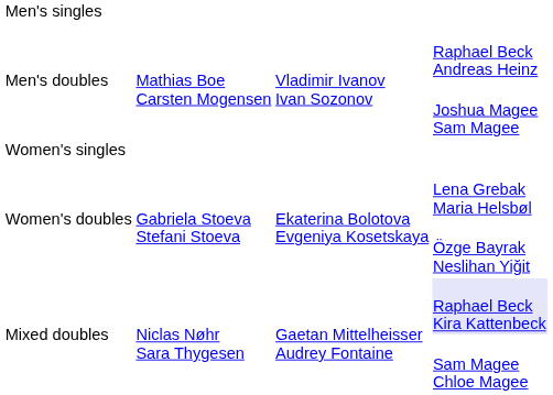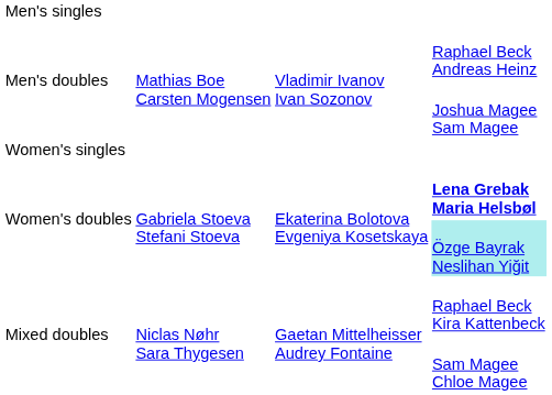 <table>
 <tr>
 <td rowspan=2>Men's singles <br></td>
 <td rowspan=2></td>
 <td rowspan=2></td>
 <td></td>
 </tr>
 <tr>
 <td></td>
 </tr>
 <tr>
 <td rowspan=2>Men's doubles <br></td>
 <td rowspan=2><br><a href='#'>Mathias Boe</a><br><a href='#'>Carsten Mogensen</a></td>
 <td rowspan=2><br><a href='#'>Vladimir Ivanov</a><br><a href='#'>Ivan Sozonov</a></td>
 <td><br><a href='#'>Raphael Beck</a><br><a href='#'>Andreas Heinz</a></td>
 </tr>
 <tr>
 <td><br><a href='#'>Joshua Magee</a><br><a href='#'>Sam Magee</a></td>
 </tr>
 <tr>
 <td rowspan=2>Women's singles <br></td>
 <td rowspan=2></td>
 <td rowspan=2></td>
 <td></td>
 </tr>
 <tr>
 <td></td>
 </tr>
 <tr>
 <td rowspan=2>Women's doubles <br></td>
 <td rowspan=2><br><a href='#'>Gabriela Stoeva</a><br><a href='#'>Stefani Stoeva</a></td>
 <td rowspan=2><br><a href='#'>Ekaterina Bolotova</a><br><a href='#'>Evgeniya Kosetskaya</a></td>
-<td><br><a href='#'>Lena Grebak</a><br><a href='#'>Maria Helsbøl</a></td>
+<td><strong><br><a href='#'>Lena Grebak</a><br><a href='#'>Maria Helsbøl</a></strong></td>
 </tr>
 <tr>
-<td><br><a href='#'>Özge Bayrak</a><br><a href='#'>Neslihan Yiğit</a></td>
+<td style="background: paleturquoise;"><br><a href='#'>Özge Bayrak</a><br><a href='#'>Neslihan Yiğit</a></td>
 </tr>
 <tr>
 <td rowspan=2>Mixed doubles <br></td>
 <td rowspan=2><br><a href='#'>Niclas Nøhr</a><br><a href='#'>Sara Thygesen</a></td>
 <td rowspan=2><br><a href='#'>Gaetan Mittelheisser</a><br><a href='#'>Audrey Fontaine</a></td>
-<td style="background: lavender;"><br><a href='#'>Raphael Beck</a><br><a href='#'>Kira Kattenbeck</a></td>
+<td><br><a href='#'>Raphael Beck</a><br><a href='#'>Kira Kattenbeck</a></td>
 </tr>
 <tr>
 <td><br><a href='#'>Sam Magee</a><br><a href='#'>Chloe Magee</a></td>
 </tr>
 </table>
